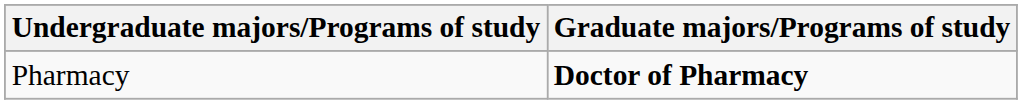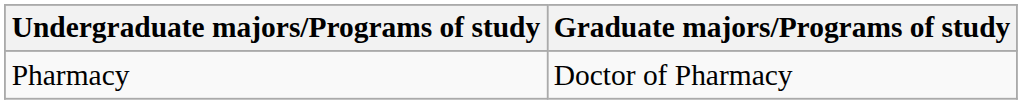 <table class="wikitable">
 <tr>
 <th>Undergraduate majors/Programs of study</th>
 <th>Graduate majors/Programs of study</th>
 </tr>
 <tr>
 <td>Pharmacy</td>
-<td><strong>Doctor of Pharmacy</strong></td>
+<td>Doctor of Pharmacy</td>
 </tr>
 </table>
